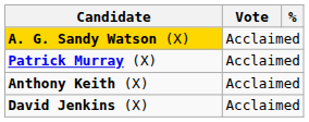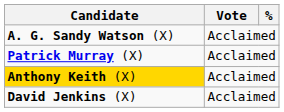 <table class="wikitable">
 <tr>
 <th bgcolor="#DDDDFF" width="200px">Candidate</th>
 <th bgcolor="#DDDDFF">Vote</th>
 <th bgcolor="#DDDDFF">%</th>
 </tr>
 <tr>
-<td style="background: gold;"><strong>A. G. Sandy Watson</strong> (X)</td>
+<td><strong>A. G. Sandy Watson</strong> (X)</td>
 <td colspan="2">Acclaimed</td>
 </tr>
 <tr>
 <td><strong><a href='#'>Patrick Murray</a></strong> (X)</td>
 <td colspan="2">Acclaimed</td>
 </tr>
 <tr>
-<td><strong>Anthony Keith</strong> (X)</td>
+<td style="background: gold;"><strong>Anthony Keith</strong> (X)</td>
 <td colspan="2">Acclaimed</td>
 </tr>
 <tr>
 <td><strong>David Jenkins</strong> (X)</td>
 <td colspan="2">Acclaimed</td>
 </tr>
 </table>
